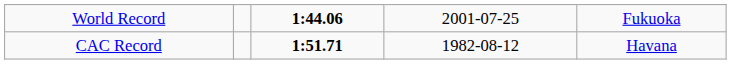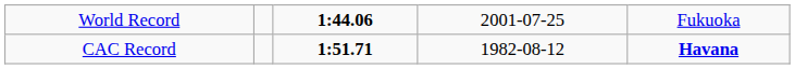 <table class="wikitable" style=" text-align:center; font-size:95%;" width="75%">
 <tr>
 <td><a href='#'>World Record</a></td>
 <td></td>
 <td><strong>1:44.06</strong></td>
 <td>2001-07-25</td>
 <td> <a href='#'>Fukuoka</a></td>
 </tr>
 <tr>
 <td><a href='#'>CAC Record</a></td>
 <td></td>
 <td><strong>1:51.71</strong></td>
 <td>1982-08-12</td>
-<td> <a href='#'>Havana</a></td>
+<td><strong> <a href='#'>Havana</a></strong></td>
 </tr>
 </table>
